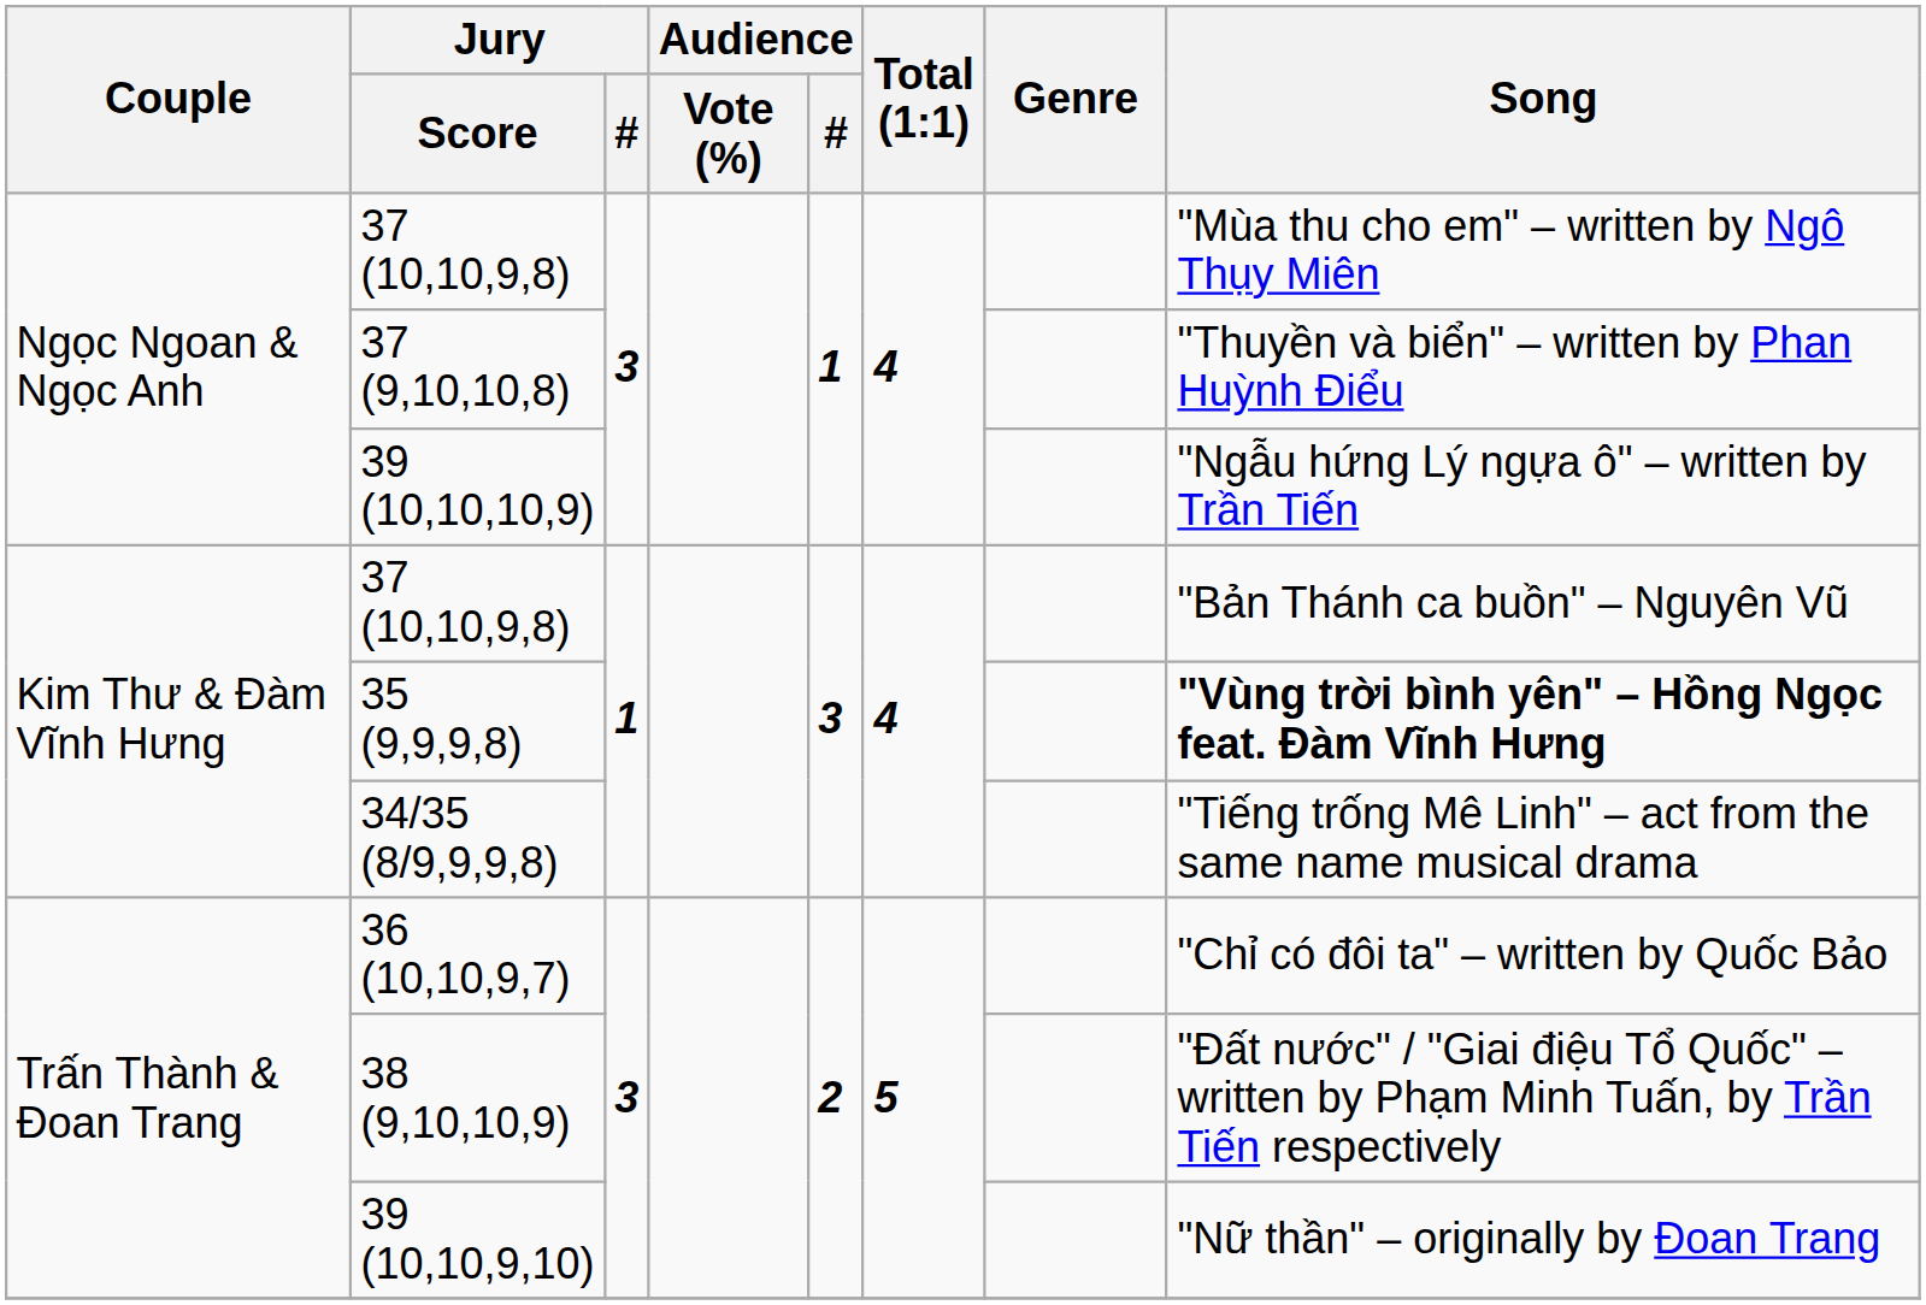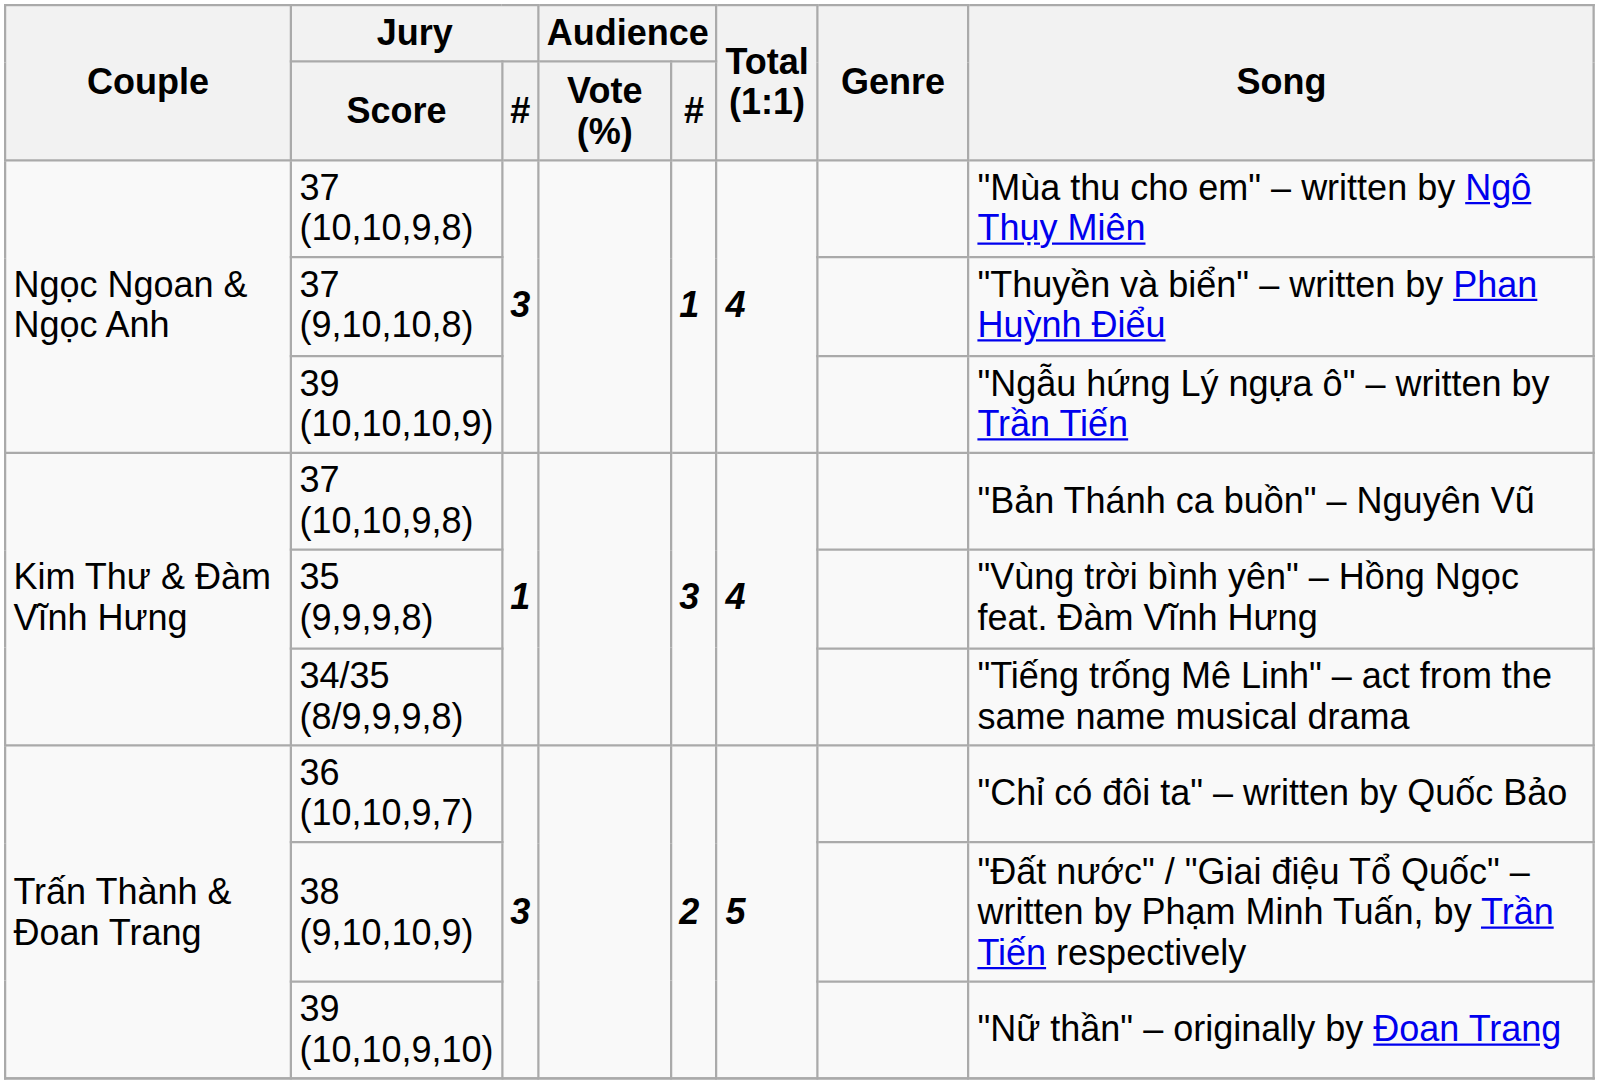 <table class="wikitable" style="width:80%;">
 <tr>
 <th rowspan=2 style="width:20%;">Couple</th>
 <th colspan=2 style="width:10%;">Jury</th>
 <th colspan=2 style="width:10%;">Audience</th>
 <th rowspan=2 style="width:5%;">Total<br> (1:1)</th>
 <th rowspan=2 style="width:10%;">Genre</th>
 <th rowspan=2 style="width:45%;">Song</th>
 </tr>
 <tr>
 <th>Score</th>
 <th>#</th>
 <th>Vote (%)</th>
 <th>#</th>
 </tr>
 <tr>
 <td rowspan=3>Ngọc Ngoan & Ngọc Anh</td>
 <td>37<br> (10,10,9,8)</td>
 <td rowspan=3><strong><em>3</em></strong></td>
 <td rowspan=3></td>
 <td rowspan=3><strong><em>1</em></strong></td>
 <td rowspan=3><strong><em>4</em></strong></td>
 <td></td>
 <td>"Mùa thu cho em" – written by <a href='#'>Ngô Thụy Miên</a></td>
 </tr>
 <tr>
 <td>37<br> (9,10,10,8)</td>
 <td></td>
 <td>"Thuyền và biển" – written by <a href='#'>Phan Huỳnh Điểu</a></td>
 </tr>
 <tr>
 <td>39<br> (10,10,10,9)</td>
 <td></td>
 <td>"Ngẫu hứng Lý ngựa ô" – written by <a href='#'>Trần Tiến</a></td>
 </tr>
 <tr>
 <td rowspan=3>Kim Thư & Đàm Vĩnh Hưng</td>
 <td>37<br> (10,10,9,8)</td>
 <td rowspan=3><strong><em>1</em></strong></td>
 <td rowspan=3></td>
 <td rowspan=3><strong><em>3</em></strong></td>
 <td rowspan=3><strong><em>4</em></strong></td>
 <td></td>
 <td>"Bản Thánh ca buồn" – Nguyên Vũ</td>
 </tr>
 <tr>
 <td>35<br> (9,9,9,8)</td>
 <td></td>
-<td><strong>"Vùng trời bình yên" – Hồng Ngọc feat. Đàm Vĩnh Hưng</strong></td>
+<td>"Vùng trời bình yên" – Hồng Ngọc feat. Đàm Vĩnh Hưng</td>
 </tr>
 <tr>
 <td>34/35<br> (8/9,9,9,8)</td>
 <td></td>
 <td>"Tiếng trống Mê Linh" – act from the same name musical drama</td>
 </tr>
 <tr>
 <td rowspan=3>Trấn Thành & Đoan Trang</td>
 <td>36<br> (10,10,9,7)</td>
 <td rowspan=3><strong><em>3</em></strong></td>
 <td rowspan=3></td>
 <td rowspan=3><strong><em>2</em></strong></td>
 <td rowspan=3><strong><em>5</em></strong></td>
 <td></td>
 <td>"Chỉ có đôi ta" – written by Quốc Bảo</td>
 </tr>
 <tr>
 <td>38<br> (9,10,10,9)</td>
 <td></td>
 <td>"Đất nước" / "Giai điệu Tổ Quốc" – written by Phạm Minh Tuấn, by <a href='#'>Trần Tiến</a> respectively</td>
 </tr>
 <tr>
 <td>39 <br> (10,10,9,10)</td>
 <td></td>
 <td>"Nữ thần" – originally by <a href='#'>Đoan Trang</a></td>
 </tr>
 <tr>
 </tr>
 </table>
